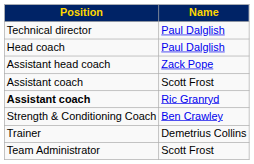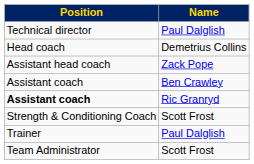 <table class="wikitable">
 <tr>
 <th style="background:#002366; color:gold;" scope="col">Position</th>
 <th style="background:#002366; color:gold;" scope="col">Name</th>
 </tr>
 <tr>
 <td>Technical director</td>
 <td> <a href='#'>Paul Dalglish</a></td>
 </tr>
 <tr>
 <td>Head coach</td>
-<td> <a href='#'>Paul Dalglish</a></td>
+<td> Demetrius Collins</td>
 </tr>
 <tr>
 <td>Assistant head coach</td>
 <td> <a href='#'>Zack Pope</a></td>
 </tr>
 <tr>
 <td>Assistant coach</td>
-<td> Scott Frost</td>
+<td> <a href='#'>Ben Crawley</a></td>
 </tr>
 <tr>
 <td><strong>Assistant coach</strong></td>
 <td> <a href='#'>Ric Granryd</a></td>
 </tr>
 <tr>
 <td>Strength & Conditioning Coach</td>
-<td> <a href='#'>Ben Crawley</a></td>
+<td> Scott Frost</td>
 </tr>
 <tr>
 <td>Trainer</td>
-<td> Demetrius Collins</td>
+<td> <a href='#'>Paul Dalglish</a></td>
 </tr>
 <tr>
 <td>Team Administrator</td>
 <td> Scott Frost</td>
 </tr>
 </table>
